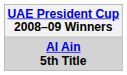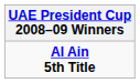 <table class="wikitable" style="text-align: center; margin: 0 auto;">
 <tr>
 <th><a href='#'>UAE President Cup</a><br>2008–09 Winners</th>
 </tr>
 <tr>
-<td style="background: lightgrey;"><strong><a href='#'>Al Ain</a></strong><br><strong>5th Title</strong></td>
+<td><strong><a href='#'>Al Ain</a></strong><br><strong>5th Title</strong></td>
 </tr>
 </table>
